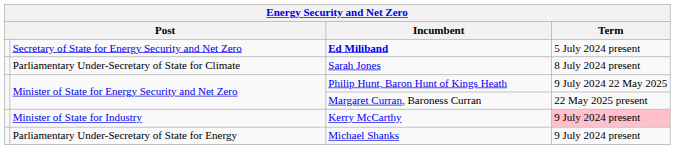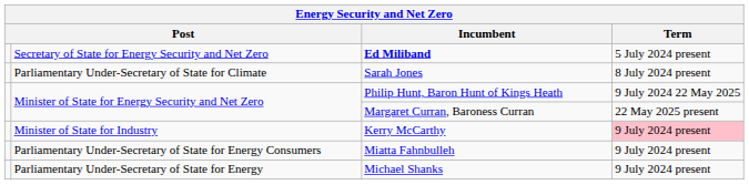 <table class="wikitable">
 <tr>
 <th colspan="4"><a href='#'>Energy Security and Net Zero</a></th>
 </tr>
 <tr>
 <th colspan="2">Post</th>
 <th>Incumbent</th>
 <th>Term</th>
 </tr>
 <tr>
 <td style="width: 1px; background: "></td>
 <td style="width: 450px;"><a href='#'>Secretary of State for Energy Security and Net Zero</a></td>
 <td style="width: 320px;"><strong><a href='#'>Ed Miliband</a></strong></td>
 <td>5 July 2024 present</td>
 </tr>
 <tr>
 <td rowspan="1" style="width: 1px; background: "></td>
 <td>Parliamentary Under-Secretary of State for Climate</td>
 <td style="width: 320px;"><a href='#'>Sarah Jones</a></td>
 <td>8 July 2024 present</td>
 </tr>
 <tr>
 <td rowspan="2" style="width: 1px; background: "></td>
 <td rowspan="2"><a href='#'>Minister of State for Energy Security and Net Zero</a></td>
 <td><a href='#'>Philip Hunt, Baron Hunt of Kings Heath</a> </td>
 <td>9 July 2024 22 May 2025</td>
 </tr>
 <tr>
 <td><a href='#'>Margaret Curran</a>, Baroness Curran </td>
 <td>22 May 2025 present</td>
 </tr>
 <tr>
 <td rowspan="1" style="width: 1px; background: "></td>
 <td rowspan="1" style="width: 450px;"><a href='#'>Minister of State for Industry</a></td>
 <td><a href='#'>Kerry McCarthy</a></td>
 <td style="background: pink;">9 July 2024 present</td>
 </tr>
 <tr>
 <td rowspan="1" style="width: 1px; background: "></td>
+<td>Parliamentary Under-Secretary of State for Energy Consumers</td>
+<td><a href='#'>Miatta Fahnbulleh</a></td>
+<td>9 July 2024 present</td>
+</tr>
+<tr>
+<td rowspan="1" style="width: 1px; background: "></td>
 <td>Parliamentary Under-Secretary of State for Energy</td>
 <td><a href='#'>Michael Shanks</a></td>
 <td>9 July 2024 present</td>
 </tr>
 </table>
